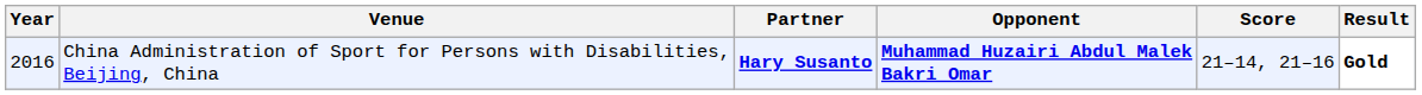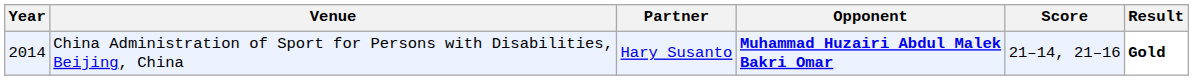 <table class="sortable wikitable" style="font-size: 90%;">
 <tr>
 <th>Year</th>
 <th>Venue</th>
 <th>Partner</th>
 <th>Opponent</th>
 <th>Score</th>
 <th>Result</th>
 </tr>
 <tr style="background:#ECF2FF">
-<td align="center">2016</td>
+<td align="center">2014</td>
 <td align="left">China Administration of Sport for Persons with Disabilities,<br><a href='#'>Beijing</a>, China</td>
-<td align="left"><strong> <a href='#'>Hary Susanto</a></strong></td>
+<td align="left"> <a href='#'>Hary Susanto</a></td>
 <td align="left"><strong> <a href='#'>Muhammad Huzairi Abdul Malek</a><br> <a href='#'>Bakri Omar</a></strong></td>
 <td align="left">21–14, 21–16</td>
 <td style="text-align:left; background:white"> <strong>Gold</strong></td>
 </tr>
 </table>
